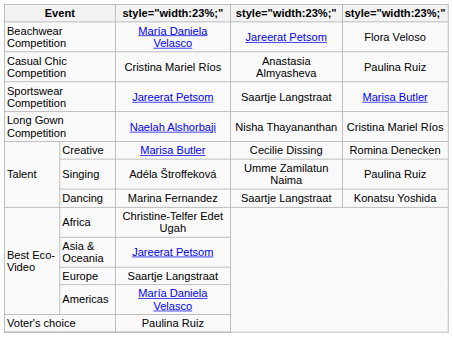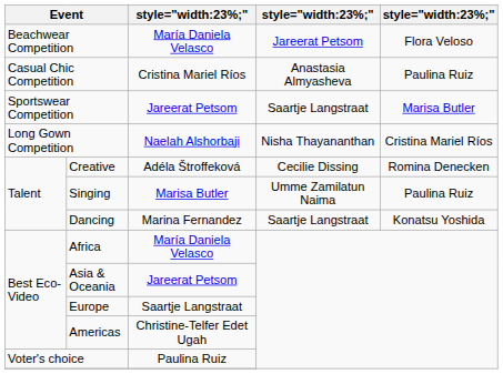 <table class="wikitable sortable" style="font-size: 95%;">
 <tr>
 <th colspan="2" style="width:25%;">Event</th>
 <th>style="width:23%;" </th>
 <th>style="width:23%;" </th>
 <th>style="width:23%;" </th>
 </tr>
 <tr>
 <td colspan="2">Beachwear Competition</td>
 <td align="center"><a href='#'>María Daniela Velasco</a><br></td>
 <td align="center"><a href='#'>Jareerat Petsom</a> <br></td>
 <td align="center">Flora Veloso<br></td>
 </tr>
 <tr>
 <td colspan="2">Casual Chic Competition</td>
 <td align="center">Cristina Mariel Ríos<br></td>
 <td align="center">Anastasia Almyasheva<br></td>
 <td align="center">Paulina Ruiz<br></td>
 </tr>
 <tr>
 <td colspan="2">Sportswear Competition</td>
 <td align="center"><a href='#'>Jareerat Petsom</a> <br></td>
 <td align="center">Saartje Langstraat<br></td>
 <td align="center"><a href='#'>Marisa Butler</a><br></td>
 </tr>
 <tr>
 <td colspan="2">Long Gown Competition</td>
 <td align="center"><a href='#'>Naelah Alshorbaji</a><br></td>
 <td align="center">Nisha Thayananthan<br></td>
 <td align="center">Cristina Mariel Ríos<br></td>
 </tr>
 <tr>
 <td rowspan="3">Talent</td>
 <td>Creative</td>
-<td align="center"><a href='#'>Marisa Butler</a><br></td>
+<td align="center">Adéla Štroffeková<br></td>
 <td align="center">Cecilie Dissing<br></td>
 <td align="center">Romina Denecken<br></td>
 </tr>
 <tr>
 <td>Singing</td>
-<td align="center">Adéla Štroffeková<br></td>
+<td align="center"><a href='#'>Marisa Butler</a><br></td>
 <td align="center">Umme Zamilatun Naima<br></td>
 <td align="center">Paulina Ruiz<br></td>
 </tr>
 <tr>
 <td>Dancing</td>
 <td align="center">Marina Fernandez<br></td>
 <td align="center">Saartje Langstraat<br></td>
 <td align="center">Konatsu Yoshida<br></td>
 </tr>
 <tr>
 <td rowspan="4">Best Eco-Video</td>
 <td>Africa</td>
-<td align="center">Christine-Telfer Edet Ugah<br></td>
+<td align="center"><a href='#'>María Daniela Velasco</a><br></td>
 </tr>
 <tr>
 <td>Asia & Oceania</td>
 <td align="center"><a href='#'>Jareerat Petsom</a> <br></td>
 </tr>
 <tr>
 <td>Europe</td>
 <td align="center">Saartje Langstraat<br></td>
 </tr>
 <tr>
 <td>Americas</td>
-<td align="center"><a href='#'>María Daniela Velasco</a><br></td>
+<td align="center">Christine-Telfer Edet Ugah<br></td>
 </tr>
 <tr>
 <td colspan="2">Voter's choice</td>
 <td align="center">Paulina Ruiz<br></td>
 </tr>
 <tr>
 </tr>
 </table>
